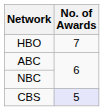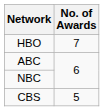 <table class="wikitable">
 <tr>
 <th>Network</th>
 <th>No. of<br>Awards</th>
 </tr>
 <tr style="text-align:center">
 <td>HBO</td>
 <td>7</td>
 </tr>
 <tr style="text-align:center">
 <td>ABC</td>
 <td rowspan="2">6</td>
 </tr>
 <tr style="text-align:center">
 <td>NBC</td>
 </tr>
 <tr style="text-align:center">
 <td>CBS</td>
-<td style="background: lavender;">5</td>
+<td>5</td>
 </tr>
 </table>
